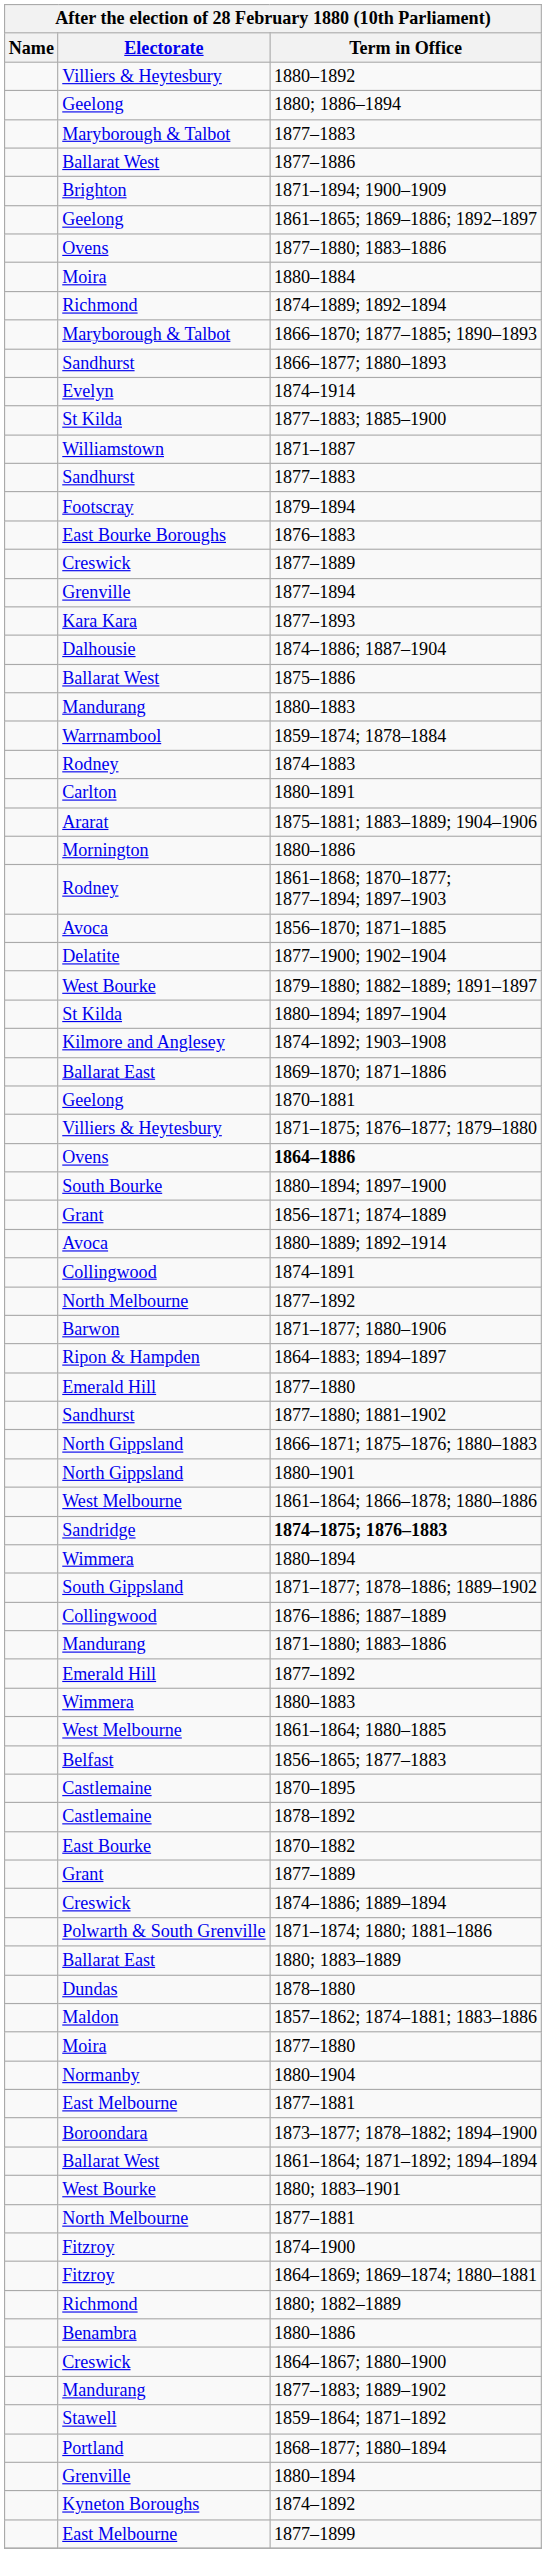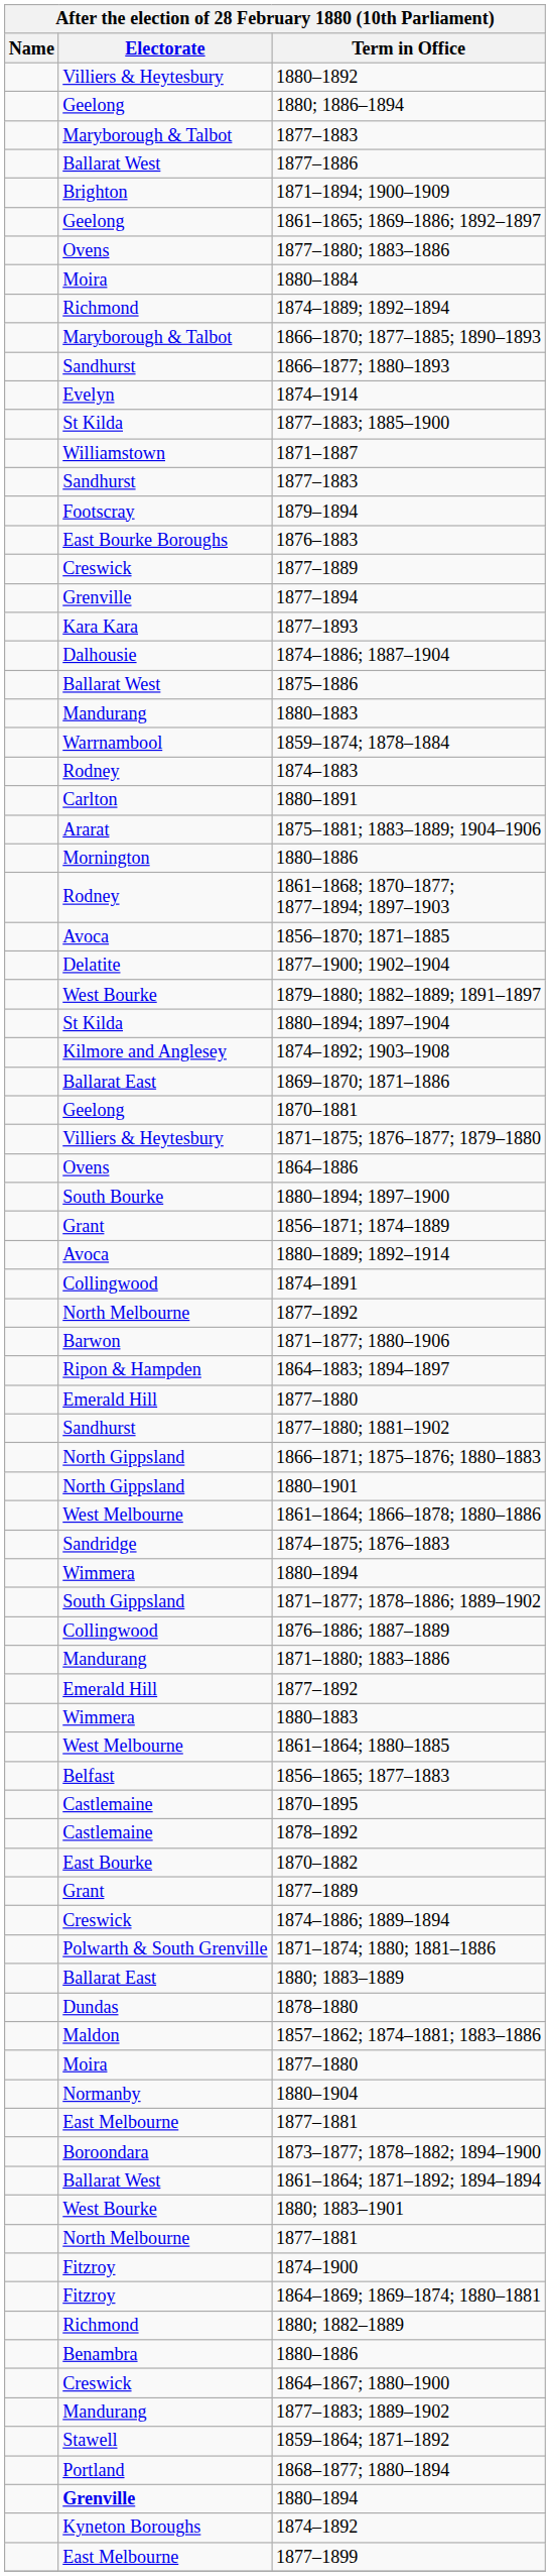 <table class="wikitable sortable">
 <tr>
 <th colspan= 4>After the election of 28 February 1880 (10th Parliament)</th>
 </tr>
 <tr>
 <th>Name</th>
 <th><a href='#'>Electorate</a></th>
 <th>Term in Office</th>
 </tr>
 <tr>
 <td></td>
 <td><a href='#'>Villiers & Heytesbury</a></td>
 <td>1880–1892</td>
 </tr>
 <tr>
 <td> </td>
 <td><a href='#'>Geelong</a></td>
 <td>1880; 1886–1894</td>
 </tr>
 <tr>
 <td></td>
 <td><a href='#'>Maryborough & Talbot</a></td>
 <td>1877–1883</td>
 </tr>
 <tr>
 <td></td>
 <td><a href='#'>Ballarat West</a></td>
 <td>1877–1886</td>
 </tr>
 <tr>
 <td></td>
 <td><a href='#'>Brighton</a></td>
 <td>1871–1894; 1900–1909</td>
 </tr>
 <tr>
 <td></td>
 <td><a href='#'>Geelong</a></td>
 <td>1861–1865; 1869–1886; 1892–1897</td>
 </tr>
 <tr>
 <td> </td>
 <td><a href='#'>Ovens</a></td>
 <td>1877–1880; 1883–1886</td>
 </tr>
 <tr>
 <td></td>
 <td><a href='#'>Moira</a></td>
 <td>1880–1884</td>
 </tr>
 <tr>
 <td></td>
 <td><a href='#'>Richmond</a></td>
 <td>1874–1889; 1892–1894</td>
 </tr>
 <tr>
 <td></td>
 <td><a href='#'>Maryborough & Talbot</a></td>
 <td>1866–1870; 1877–1885; 1890–1893</td>
 </tr>
 <tr>
 <td></td>
 <td><a href='#'>Sandhurst</a></td>
 <td>1866–1877; 1880–1893</td>
 </tr>
 <tr>
 <td></td>
 <td><a href='#'>Evelyn</a></td>
 <td>1874–1914</td>
 </tr>
 <tr>
 <td></td>
 <td><a href='#'>St Kilda</a></td>
 <td>1877–1883; 1885–1900</td>
 </tr>
 <tr>
 <td></td>
 <td><a href='#'>Williamstown</a></td>
 <td>1871–1887</td>
 </tr>
 <tr>
 <td></td>
 <td><a href='#'>Sandhurst</a></td>
 <td>1877–1883</td>
 </tr>
 <tr>
 <td></td>
 <td><a href='#'>Footscray</a></td>
 <td>1879–1894</td>
 </tr>
 <tr>
 <td></td>
 <td><a href='#'>East Bourke Boroughs</a></td>
 <td>1876–1883</td>
 </tr>
 <tr>
 <td></td>
 <td><a href='#'>Creswick</a></td>
 <td>1877–1889</td>
 </tr>
 <tr>
 <td></td>
 <td><a href='#'>Grenville</a></td>
 <td>1877–1894</td>
 </tr>
 <tr>
 <td></td>
 <td><a href='#'>Kara Kara</a></td>
 <td>1877–1893</td>
 </tr>
 <tr>
 <td></td>
 <td><a href='#'>Dalhousie</a></td>
 <td>1874–1886; 1887–1904</td>
 </tr>
 <tr>
 <td></td>
 <td><a href='#'>Ballarat West</a></td>
 <td>1875–1886</td>
 </tr>
 <tr>
 <td></td>
 <td><a href='#'>Mandurang</a></td>
 <td>1880–1883</td>
 </tr>
 <tr>
 <td></td>
 <td><a href='#'>Warrnambool</a></td>
 <td>1859–1874; 1878–1884</td>
 </tr>
 <tr>
 <td></td>
 <td><a href='#'>Rodney</a></td>
 <td>1874–1883</td>
 </tr>
 <tr>
 <td></td>
 <td><a href='#'>Carlton</a></td>
 <td>1880–1891</td>
 </tr>
 <tr>
 <td> </td>
 <td><a href='#'>Ararat</a></td>
 <td>1875–1881; 1883–1889; 1904–1906</td>
 </tr>
 <tr>
 <td></td>
 <td><a href='#'>Mornington</a></td>
 <td>1880–1886</td>
 </tr>
 <tr>
 <td></td>
 <td><a href='#'>Rodney</a></td>
 <td>1861–1868; 1870–1877;<br>1877–1894; 1897–1903</td>
 </tr>
 <tr>
 <td></td>
 <td><a href='#'>Avoca</a></td>
 <td>1856–1870; 1871–1885</td>
 </tr>
 <tr>
 <td></td>
 <td><a href='#'>Delatite</a></td>
 <td>1877–1900; 1902–1904</td>
 </tr>
 <tr>
 <td> </td>
 <td><a href='#'>West Bourke</a></td>
 <td>1879–1880; 1882–1889; 1891–1897</td>
 </tr>
 <tr>
 <td></td>
 <td><a href='#'>St Kilda</a></td>
 <td>1880–1894; 1897–1904</td>
 </tr>
 <tr>
 <td></td>
 <td><a href='#'>Kilmore and Anglesey</a></td>
 <td>1874–1892; 1903–1908</td>
 </tr>
 <tr>
 <td></td>
 <td><a href='#'>Ballarat East</a></td>
 <td>1869–1870; 1871–1886</td>
 </tr>
 <tr>
 <td> </td>
 <td><a href='#'>Geelong</a></td>
 <td>1870–1881</td>
 </tr>
 <tr>
 <td> </td>
 <td><a href='#'>Villiers & Heytesbury</a></td>
 <td>1871–1875; 1876–1877; 1879–1880</td>
 </tr>
 <tr>
 <td></td>
 <td><a href='#'>Ovens</a></td>
-<td><strong>1864–1886</strong></td>
+<td>1864–1886</td>
 </tr>
 <tr>
 <td></td>
 <td><a href='#'>South Bourke</a></td>
 <td>1880–1894; 1897–1900</td>
 </tr>
 <tr>
 <td></td>
 <td><a href='#'>Grant</a></td>
 <td>1856–1871; 1874–1889</td>
 </tr>
 <tr>
 <td></td>
 <td><a href='#'>Avoca</a></td>
 <td>1880–1889; 1892–1914</td>
 </tr>
 <tr>
 <td></td>
 <td><a href='#'>Collingwood</a></td>
 <td>1874–1891</td>
 </tr>
 <tr>
 <td></td>
 <td><a href='#'>North Melbourne</a></td>
 <td>1877–1892</td>
 </tr>
 <tr>
 <td></td>
 <td><a href='#'>Barwon</a></td>
 <td>1871–1877; 1880–1906</td>
 </tr>
 <tr>
 <td></td>
 <td><a href='#'>Ripon & Hampden</a></td>
 <td>1864–1883; 1894–1897</td>
 </tr>
 <tr>
 <td> </td>
 <td><a href='#'>Emerald Hill</a></td>
 <td>1877–1880</td>
 </tr>
 <tr>
 <td> </td>
 <td><a href='#'>Sandhurst</a></td>
 <td>1877–1880; 1881–1902</td>
 </tr>
 <tr>
 <td></td>
 <td><a href='#'>North Gippsland</a></td>
 <td>1866–1871; 1875–1876; 1880–1883</td>
 </tr>
 <tr>
 <td></td>
 <td><a href='#'>North Gippsland</a></td>
 <td>1880–1901</td>
 </tr>
 <tr>
 <td></td>
 <td><a href='#'>West Melbourne</a></td>
 <td>1861–1864; 1866–1878; 1880–1886</td>
 </tr>
 <tr>
 <td></td>
 <td><a href='#'>Sandridge</a></td>
-<td><strong>1874–1875; 1876–1883</strong></td>
+<td>1874–1875; 1876–1883</td>
 </tr>
 <tr>
 <td></td>
 <td><a href='#'>Wimmera</a></td>
 <td>1880–1894</td>
 </tr>
 <tr>
 <td></td>
 <td><a href='#'>South Gippsland</a></td>
 <td>1871–1877; 1878–1886; 1889–1902</td>
 </tr>
 <tr>
 <td></td>
 <td><a href='#'>Collingwood</a></td>
 <td>1876–1886; 1887–1889</td>
 </tr>
 <tr>
 <td> </td>
 <td><a href='#'>Mandurang</a></td>
 <td>1871–1880; 1883–1886</td>
 </tr>
 <tr>
 <td></td>
 <td><a href='#'>Emerald Hill</a></td>
 <td>1877–1892</td>
 </tr>
 <tr>
 <td></td>
 <td><a href='#'>Wimmera</a></td>
 <td>1880–1883</td>
 </tr>
 <tr>
 <td></td>
 <td><a href='#'>West Melbourne</a></td>
 <td>1861–1864; 1880–1885</td>
 </tr>
 <tr>
 <td></td>
 <td><a href='#'>Belfast</a></td>
 <td>1856–1865; 1877–1883</td>
 </tr>
 <tr>
 <td></td>
 <td><a href='#'>Castlemaine</a></td>
 <td>1870–1895</td>
 </tr>
 <tr>
 <td></td>
 <td><a href='#'>Castlemaine</a></td>
 <td>1878–1892</td>
 </tr>
 <tr>
 <td> </td>
 <td><a href='#'>East Bourke</a></td>
 <td>1870–1882</td>
 </tr>
 <tr>
 <td></td>
 <td><a href='#'>Grant</a></td>
 <td>1877–1889</td>
 </tr>
 <tr>
 <td></td>
 <td><a href='#'>Creswick</a></td>
 <td>1874–1886; 1889–1894</td>
 </tr>
 <tr>
 <td> </td>
 <td><a href='#'>Polwarth & South Grenville</a></td>
 <td>1871–1874; 1880; 1881–1886</td>
 </tr>
 <tr>
 <td> </td>
 <td><a href='#'>Ballarat East</a></td>
 <td>1880; 1883–1889</td>
 </tr>
 <tr>
 <td> </td>
 <td><a href='#'>Dundas</a></td>
 <td>1878–1880</td>
 </tr>
 <tr>
 <td> </td>
 <td><a href='#'>Maldon</a></td>
 <td>1857–1862; 1874–1881; 1883–1886</td>
 </tr>
 <tr>
 <td> </td>
 <td><a href='#'>Moira</a></td>
 <td>1877–1880</td>
 </tr>
 <tr>
 <td></td>
 <td><a href='#'>Normanby</a></td>
 <td>1880–1904</td>
 </tr>
 <tr>
 <td> </td>
 <td><a href='#'>East Melbourne</a></td>
 <td>1877–1881</td>
 </tr>
 <tr>
 <td> </td>
 <td><a href='#'>Boroondara</a></td>
 <td>1873–1877; 1878–1882; 1894–1900</td>
 </tr>
 <tr>
 <td></td>
 <td><a href='#'>Ballarat West</a></td>
 <td>1861–1864; 1871–1892; 1894–1894</td>
 </tr>
 <tr>
 <td> </td>
 <td><a href='#'>West Bourke</a></td>
 <td>1880; 1883–1901</td>
 </tr>
 <tr>
 <td> </td>
 <td><a href='#'>North Melbourne</a></td>
 <td>1877–1881</td>
 </tr>
 <tr>
 <td></td>
 <td><a href='#'>Fitzroy</a></td>
 <td>1874–1900</td>
 </tr>
 <tr>
 <td> </td>
 <td><a href='#'>Fitzroy</a></td>
 <td>1864–1869; 1869–1874; 1880–1881</td>
 </tr>
 <tr>
 <td> </td>
 <td><a href='#'>Richmond</a></td>
 <td>1880; 1882–1889</td>
 </tr>
 <tr>
 <td></td>
 <td><a href='#'>Benambra</a></td>
 <td>1880–1886</td>
 </tr>
 <tr>
 <td></td>
 <td><a href='#'>Creswick</a></td>
 <td>1864–1867; 1880–1900</td>
 </tr>
 <tr>
 <td></td>
 <td><a href='#'>Mandurang</a></td>
 <td>1877–1883; 1889–1902</td>
 </tr>
 <tr>
 <td></td>
 <td><a href='#'>Stawell</a></td>
 <td>1859–1864; 1871–1892</td>
 </tr>
 <tr>
 <td></td>
 <td><a href='#'>Portland</a></td>
 <td>1868–1877; 1880–1894</td>
 </tr>
 <tr>
 <td></td>
-<td><a href='#'>Grenville</a></td>
+<td><strong><a href='#'>Grenville</a></strong></td>
 <td>1880–1894</td>
 </tr>
 <tr>
 <td></td>
 <td><a href='#'>Kyneton Boroughs</a></td>
 <td>1874–1892</td>
 </tr>
 <tr>
 <td></td>
 <td><a href='#'>East Melbourne</a></td>
 <td>1877–1899</td>
 </tr>
 <tr>
 </tr>
 </table>
